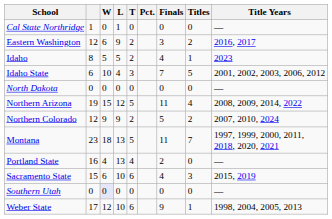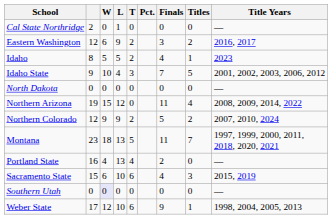 <table class="wikitable sortable" style="font-size: 95%;">
 <tr>
 <th width=px>School</th>
 <th width=px></th>
 <th width=px>W</th>
 <th width=px>L</th>
 <th width=px>T</th>
 <th width=px>Pct.</th>
 <th width=px>Finals</th>
 <th width=px>Titles</th>
 <th width=px>Title Years</th>
 </tr>
 <tr>
 <td><em><a href='#'>Cal State Northridge</a></em></td>
-<td>1</td>
+<td>2</td>
 <td>0</td>
 <td>1</td>
 <td>0</td>
 <td></td>
 <td>0</td>
 <td>0</td>
 <td>—</td>
 </tr>
 <tr>
 <td><a href='#'>Eastern Washington</a></td>
 <td>12</td>
 <td>6</td>
 <td>9</td>
 <td>2</td>
 <td></td>
 <td>3</td>
 <td>2</td>
 <td><a href='#'>2016</a>, <a href='#'>2017</a></td>
 </tr>
 <tr>
 <td><a href='#'>Idaho</a></td>
 <td>8</td>
 <td>5</td>
 <td>5</td>
 <td>2</td>
 <td></td>
 <td>4</td>
 <td>1</td>
 <td><a href='#'>2023</a></td>
 </tr>
 <tr>
 <td><a href='#'>Idaho State</a></td>
-<td>6</td>
+<td>9</td>
 <td>10</td>
 <td>4</td>
 <td>3</td>
 <td></td>
 <td>7</td>
 <td>5</td>
 <td>2001, 2002, 2003, 2006, 2012</td>
 </tr>
 <tr>
 <td><em><a href='#'>North Dakota</a></em></td>
 <td>0</td>
 <td>0</td>
 <td>0</td>
 <td>0</td>
 <td></td>
 <td>0</td>
 <td>0</td>
 <td>—</td>
 </tr>
 <tr>
 <td><a href='#'>Northern Arizona</a></td>
 <td>19</td>
 <td>15</td>
 <td>12</td>
-<td>5</td>
+<td>0</td>
 <td></td>
 <td>11</td>
 <td>4</td>
 <td>2008, 2009, 2014, <a href='#'>2022</a></td>
 </tr>
 <tr>
 <td><a href='#'>Northern Colorado</a></td>
 <td>12</td>
 <td>9</td>
 <td>9</td>
 <td>2</td>
 <td></td>
 <td>5</td>
 <td>2</td>
 <td>2007, 2010, <a href='#'>2024</a></td>
 </tr>
 <tr>
 <td><a href='#'>Montana</a></td>
 <td>23</td>
 <td>18</td>
 <td>13</td>
 <td>5</td>
 <td></td>
 <td>11</td>
 <td>7</td>
 <td>1997, 1999, 2000, 2011,<br><a href='#'>2018</a>, 2020, <a href='#'>2021</a></td>
 </tr>
 <tr>
 <td><a href='#'>Portland State</a></td>
 <td>16</td>
 <td>4</td>
 <td>13</td>
 <td>4</td>
 <td></td>
 <td>2</td>
 <td>0</td>
 <td>—</td>
 </tr>
 <tr>
 <td><a href='#'>Sacramento State</a></td>
 <td>15</td>
 <td>6</td>
 <td>10</td>
 <td>6</td>
 <td></td>
 <td>4</td>
 <td>3</td>
 <td>2015, <a href='#'>2019</a></td>
 </tr>
 <tr>
 <td><em><a href='#'>Southern Utah</a></em></td>
 <td>0</td>
 <td style="background: lavender;">0</td>
 <td>0</td>
 <td>0</td>
 <td></td>
 <td>0</td>
 <td>0</td>
 <td>—</td>
 </tr>
 <tr>
 <td><a href='#'>Weber State</a></td>
 <td>17</td>
 <td>12</td>
 <td>10</td>
 <td>6</td>
 <td></td>
 <td>9</td>
 <td>1</td>
 <td>1998, 2004, 2005, 2013</td>
 </tr>
 </table>
